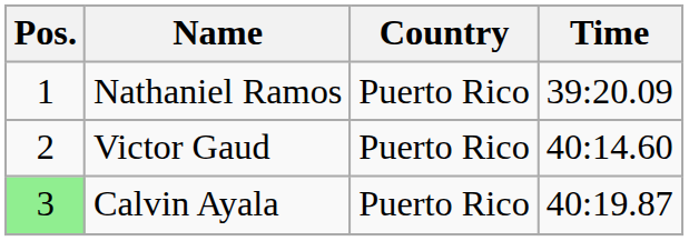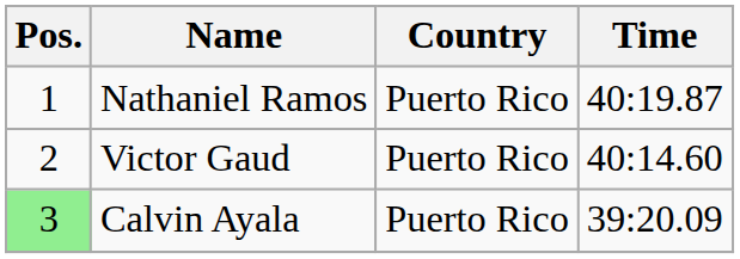 <table class="wikitable sortable">
 <tr>
 <th>Pos.</th>
 <th>Name</th>
 <th>Country</th>
 <th>Time</th>
 </tr>
 <tr>
 <td align="center">1</td>
 <td>Nathaniel Ramos</td>
 <td>Puerto Rico</td>
-<td align="right">39:20.09</td>
+<td align="right">40:19.87</td>
 </tr>
 <tr>
 <td align="center">2</td>
 <td>Victor Gaud</td>
 <td>Puerto Rico</td>
 <td align="right">40:14.60</td>
 </tr>
 <tr>
 <td align="center" style="background: lightgreen;">3</td>
 <td>Calvin Ayala</td>
 <td>Puerto Rico</td>
-<td align="right">40:19.87</td>
+<td align="right">39:20.09</td>
 </tr>
 <tr>
 </tr>
 </table>
